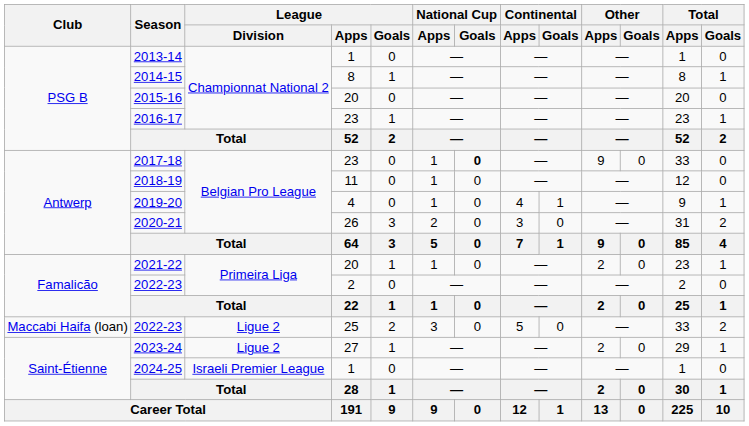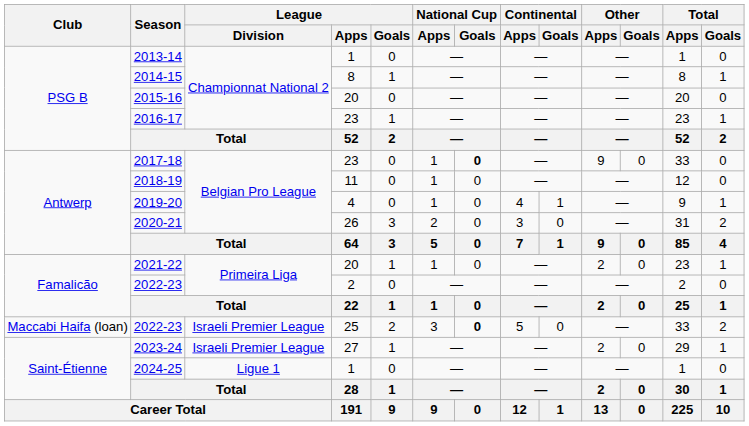 <table class="wikitable" style="text-align: center">
 <tr>
 <th rowspan="2">Club</th>
 <th rowspan="2">Season</th>
 <th colspan="3">League</th>
 <th colspan="2">National Cup</th>
 <th colspan="2">Continental</th>
 <th colspan="2">Other</th>
 <th colspan="2">Total</th>
 </tr>
 <tr>
 <th>Division</th>
 <th>Apps</th>
 <th>Goals</th>
 <th>Apps</th>
 <th>Goals</th>
 <th>Apps</th>
 <th>Goals</th>
 <th>Apps</th>
 <th>Goals</th>
 <th>Apps</th>
 <th>Goals</th>
 </tr>
 <tr>
 <td rowspan="5"><a href='#'>PSG B</a></td>
 <td><a href='#'>2013-14</a></td>
 <td rowspan="4"><a href='#'>Championnat National 2</a></td>
 <td>1</td>
 <td>0</td>
 <td colspan="2">—</td>
 <td colspan="2">—</td>
 <td colspan="2">—</td>
 <td>1</td>
 <td>0</td>
 </tr>
 <tr>
 <td><a href='#'>2014-15</a></td>
 <td>8</td>
 <td>1</td>
 <td colspan="2">—</td>
 <td colspan="2">—</td>
 <td colspan="2">—</td>
 <td>8</td>
 <td>1</td>
 </tr>
 <tr>
 <td><a href='#'>2015-16</a></td>
 <td>20</td>
 <td>0</td>
 <td colspan="2">—</td>
 <td colspan="2">—</td>
 <td colspan="2">—</td>
 <td>20</td>
 <td>0</td>
 </tr>
 <tr>
 <td><a href='#'>2016-17</a></td>
 <td>23</td>
 <td>1</td>
 <td colspan="2">—</td>
 <td colspan="2">—</td>
 <td colspan="2">—</td>
 <td>23</td>
 <td>1</td>
 </tr>
 <tr>
 <th colspan="2">Total</th>
 <th>52</th>
 <th>2</th>
 <th colspan="2">—</th>
 <th colspan="2">—</th>
 <th colspan="2">—</th>
 <th>52</th>
 <th>2</th>
 </tr>
 <tr>
 <td rowspan="5"><a href='#'>Antwerp</a></td>
 <td><a href='#'>2017-18</a></td>
 <td rowspan="4"><a href='#'>Belgian Pro League</a></td>
 <td>23</td>
 <td>0</td>
 <td>1</td>
 <td><strong>0</strong></td>
 <td colspan="2">—</td>
 <td>9</td>
 <td>0</td>
 <td>33</td>
 <td>0</td>
 </tr>
 <tr>
 <td><a href='#'>2018-19</a></td>
 <td>11</td>
 <td>0</td>
 <td>1</td>
 <td>0</td>
 <td colspan="2">—</td>
 <td colspan="2">—</td>
 <td>12</td>
 <td>0</td>
 </tr>
 <tr>
 <td><a href='#'>2019-20</a></td>
 <td>4</td>
 <td>0</td>
 <td>1</td>
 <td>0</td>
 <td>4</td>
 <td>1</td>
 <td colspan="2">—</td>
 <td>9</td>
 <td>1</td>
 </tr>
 <tr>
 <td><a href='#'>2020-21</a></td>
 <td>26</td>
 <td>3</td>
 <td>2</td>
 <td>0</td>
 <td>3</td>
 <td>0</td>
 <td colspan="2">—</td>
 <td>31</td>
 <td>2</td>
 </tr>
 <tr>
 <th colspan="2">Total</th>
 <th>64</th>
 <th>3</th>
 <th>5</th>
 <th>0</th>
 <th>7</th>
 <th>1</th>
 <th>9</th>
 <th>0</th>
 <th>85</th>
 <th>4</th>
 </tr>
 <tr>
 <td rowspan="3"><a href='#'>Famalicão</a></td>
 <td><a href='#'>2021-22</a></td>
 <td rowspan="2"><a href='#'>Primeira Liga</a></td>
 <td>20</td>
 <td>1</td>
 <td>1</td>
 <td>0</td>
 <td colspan="2">—</td>
 <td>2</td>
 <td>0</td>
 <td>23</td>
 <td>1</td>
 </tr>
 <tr>
 <td><a href='#'>2022-23</a></td>
 <td>2</td>
 <td>0</td>
 <td colspan="2">—</td>
 <td colspan="2">—</td>
 <td colspan="2">—</td>
 <td>2</td>
 <td>0</td>
 </tr>
 <tr>
 <th colspan="2">Total</th>
 <th>22</th>
 <th>1</th>
 <th>1</th>
 <th>0</th>
 <th colspan="2">—</th>
 <th>2</th>
 <th>0</th>
 <th>25</th>
 <th>1</th>
 </tr>
 <tr>
 <td><a href='#'>Maccabi Haifa</a> (loan)</td>
 <td><a href='#'>2022-23</a></td>
-<td><a href='#'>Ligue 2</a></td>
+<td><a href='#'>Israeli Premier League</a></td>
 <td>25</td>
 <td>2</td>
 <td>3</td>
-<td>0</td>
+<td><strong>0</strong></td>
 <td>5</td>
 <td>0</td>
 <td colspan="2">—</td>
 <td>33</td>
 <td>2</td>
 </tr>
 <tr>
 <td rowspan="3"><a href='#'>Saint-Étienne</a></td>
 <td><a href='#'>2023-24</a></td>
-<td><a href='#'>Ligue 2</a></td>
+<td><a href='#'>Israeli Premier League</a></td>
 <td>27</td>
 <td>1</td>
 <td colspan="2">—</td>
 <td colspan="2">—</td>
 <td>2</td>
 <td>0</td>
 <td>29</td>
 <td>1</td>
 </tr>
 <tr>
 <td><a href='#'>2024-25</a></td>
-<td><a href='#'>Israeli Premier League</a></td>
+<td><a href='#'>Ligue 1</a></td>
 <td>1</td>
 <td>0</td>
 <td colspan="2">—</td>
 <td colspan="2">—</td>
 <td colspan="2">—</td>
 <td>1</td>
 <td>0</td>
 </tr>
 <tr>
 <th colspan="2">Total</th>
 <th>28</th>
 <th>1</th>
 <th colspan="2">—</th>
 <th colspan="2">—</th>
 <th>2</th>
 <th>0</th>
 <th>30</th>
 <th>1</th>
 </tr>
 <tr>
 <th colspan="3">Career Total</th>
 <th>191</th>
 <th>9</th>
 <th>9</th>
 <th>0</th>
 <th>12</th>
 <th>1</th>
 <th>13</th>
 <th>0</th>
 <th>225</th>
 <th>10</th>
 </tr>
 </table>
